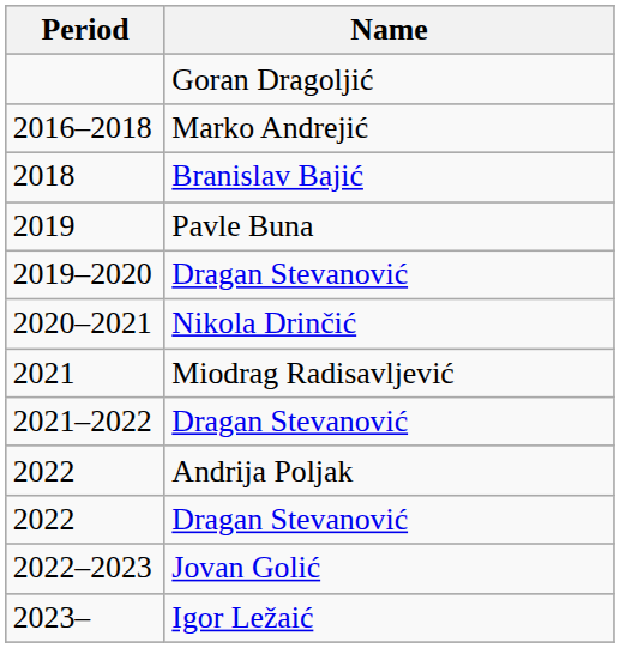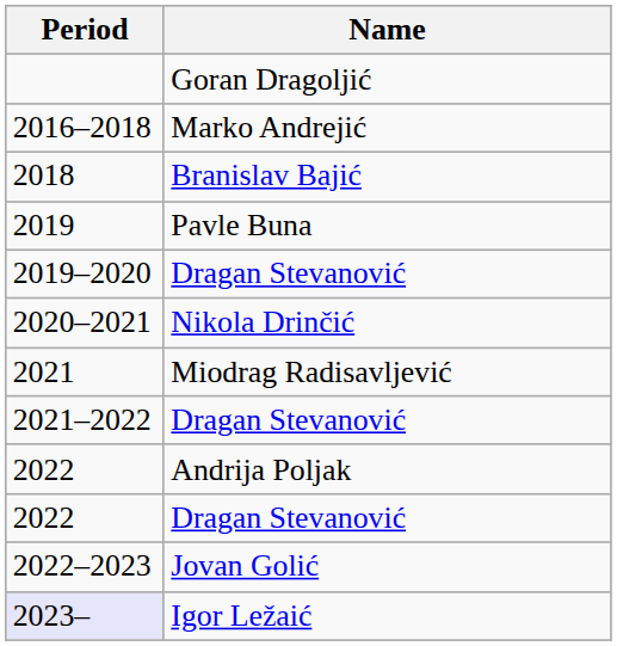 <table class="wikitable">
 <tr>
 <th width="75">Period</th>
 <th width="225">Name</th>
 </tr>
 <tr>
 <td></td>
 <td> Goran Dragoljić</td>
 </tr>
 <tr>
 <td>2016–2018</td>
 <td> Marko Andrejić</td>
 </tr>
 <tr>
 <td>2018</td>
 <td> <a href='#'>Branislav Bajić</a></td>
 </tr>
 <tr>
 <td>2019</td>
 <td> Pavle Buna</td>
 </tr>
 <tr>
 <td>2019–2020</td>
 <td> <a href='#'>Dragan Stevanović</a></td>
 </tr>
 <tr>
 <td>2020–2021</td>
 <td> <a href='#'>Nikola Drinčić</a></td>
 </tr>
 <tr>
 <td>2021</td>
 <td> Miodrag Radisavljević</td>
 </tr>
 <tr>
 <td>2021–2022</td>
 <td> <a href='#'>Dragan Stevanović</a></td>
 </tr>
 <tr>
 <td>2022</td>
 <td> Andrija Poljak</td>
 </tr>
 <tr>
 <td>2022</td>
 <td> <a href='#'>Dragan Stevanović</a></td>
 </tr>
 <tr>
 <td>2022–2023</td>
 <td> <a href='#'>Jovan Golić</a></td>
 </tr>
 <tr>
-<td>2023–</td>
+<td style="background: lavender;">2023–</td>
 <td> <a href='#'>Igor Ležaić</a></td>
 </tr>
 </table>
